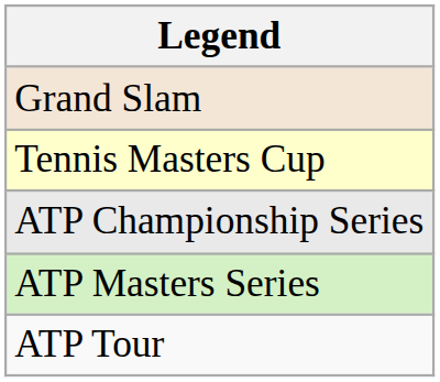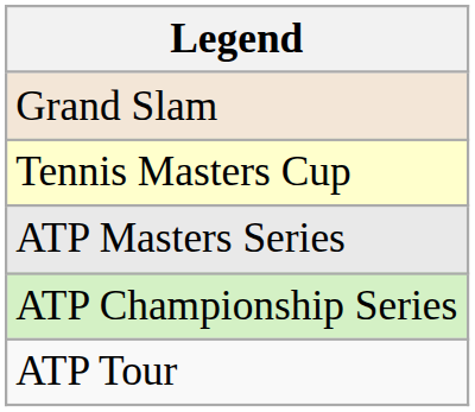 <table class="wikitable sortable mw-collapsible mw-collapsed">
 <tr>
 <th>Legend</th>
 </tr>
 <tr bgcolor=f3e6d7>
 <td>Grand Slam</td>
 </tr>
 <tr bgcolor=ffffcc>
 <td>Tennis Masters Cup</td>
 </tr>
 <tr bgcolor=e9e9e9>
-<td>ATP Championship Series</td>
+<td>ATP Masters Series</td>
 </tr>
 <tr bgcolor=d4f1c5>
-<td>ATP Masters Series</td>
+<td>ATP Championship Series</td>
 </tr>
 <tr>
 <td>ATP Tour</td>
 </tr>
 </table>
